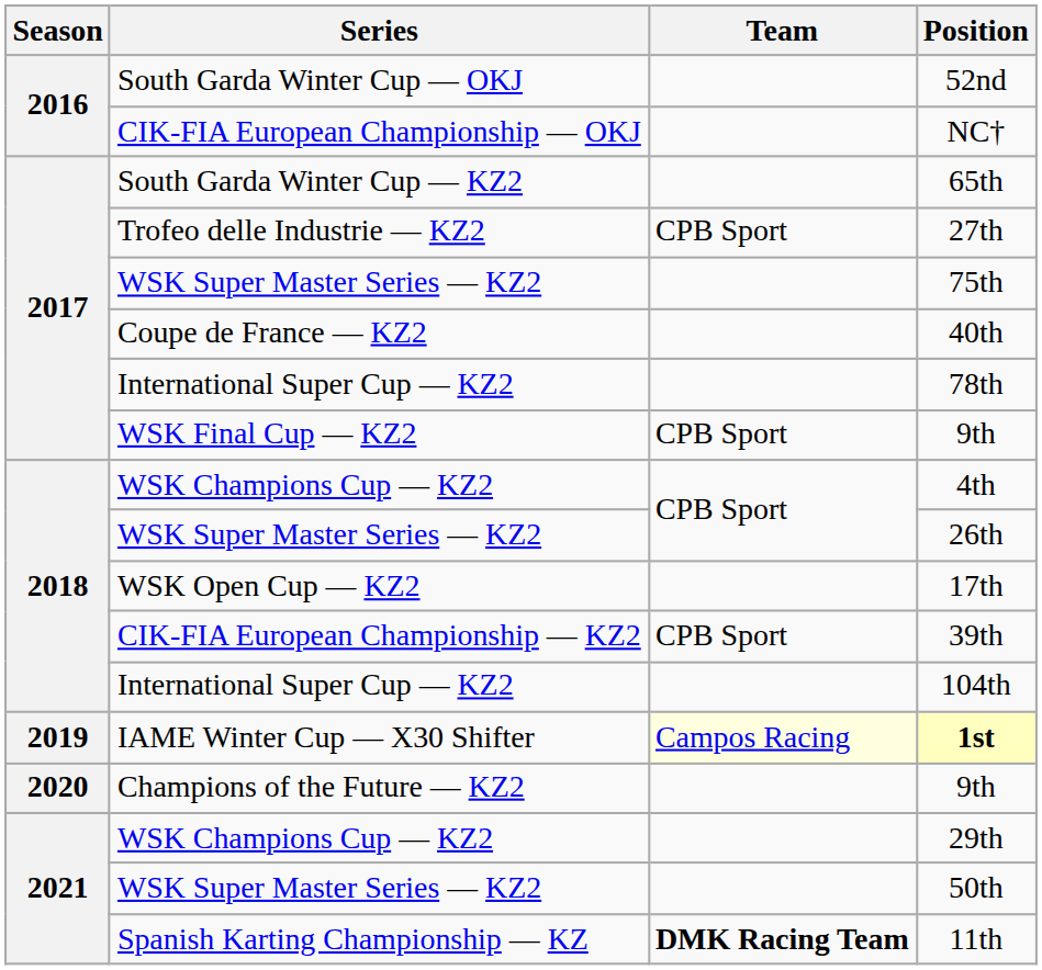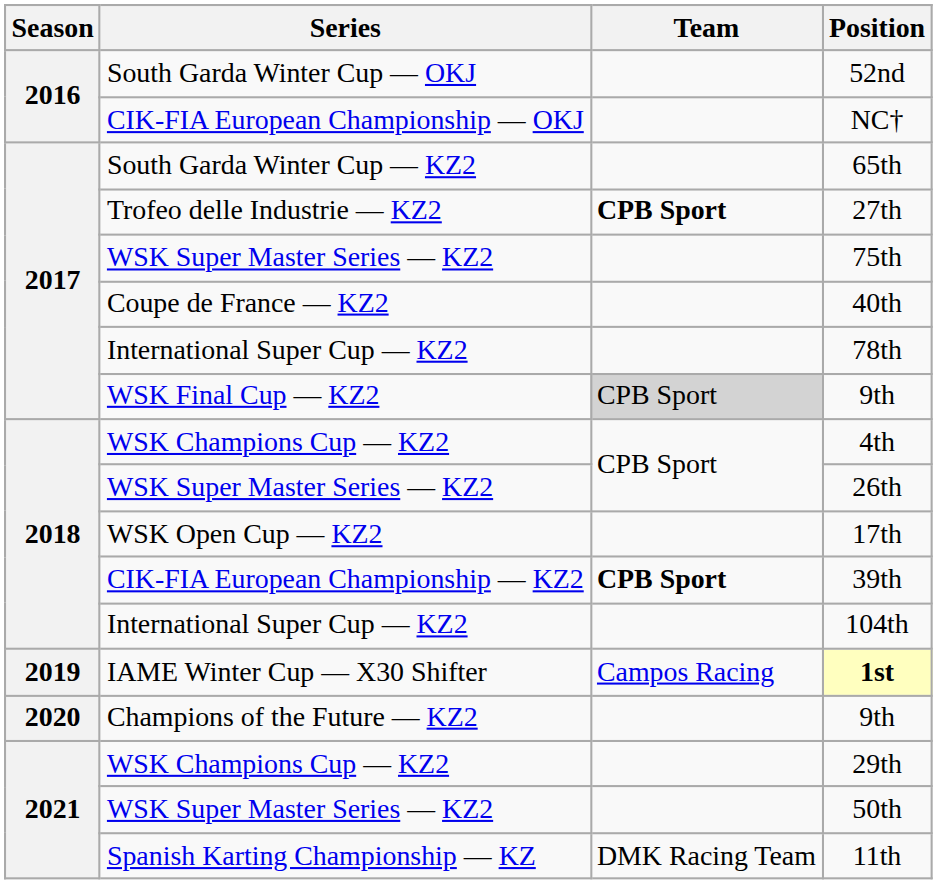 <table class="wikitable" style="font-size: 85%; text-align:center">
 <tr>
 <th>Season</th>
 <th>Series</th>
 <th>Team</th>
 <th>Position</th>
 </tr>
 <tr>
 <th rowspan="2">2016</th>
 <td align="left">South Garda Winter Cup — <a href='#'>OKJ</a></td>
 <td align="left"></td>
 <td>52nd</td>
 </tr>
 <tr>
 <td align="left"><a href='#'>CIK-FIA European Championship</a> — <a href='#'>OKJ</a></td>
 <td align="left"></td>
 <td>NC†</td>
 </tr>
 <tr>
 <th rowspan="6">2017</th>
 <td align="left">South Garda Winter Cup — <a href='#'>KZ2</a></td>
 <td align="left"></td>
 <td>65th</td>
 </tr>
 <tr>
 <td align="left">Trofeo delle Industrie — <a href='#'>KZ2</a></td>
-<td align="left">CPB Sport</td>
+<td align="left"><strong>CPB Sport</strong></td>
 <td>27th</td>
 </tr>
 <tr>
 <td align="left"><a href='#'>WSK Super Master Series</a> — <a href='#'>KZ2</a></td>
 <td align="left"></td>
 <td>75th</td>
 </tr>
 <tr>
 <td align="left">Coupe de France — <a href='#'>KZ2</a></td>
 <td align="left"></td>
 <td>40th</td>
 </tr>
 <tr>
 <td align="left">International Super Cup — <a href='#'>KZ2</a></td>
 <td align="left"></td>
 <td>78th</td>
 </tr>
 <tr>
 <td align="left"><a href='#'>WSK Final Cup</a> — <a href='#'>KZ2</a></td>
-<td align="left">CPB Sport</td>
+<td align="left" style="background: lightgrey;">CPB Sport</td>
 <td>9th</td>
 </tr>
 <tr>
 <th rowspan="5">2018</th>
 <td align="left"><a href='#'>WSK Champions Cup</a> — <a href='#'>KZ2</a></td>
 <td rowspan="2" align="left">CPB Sport</td>
 <td>4th</td>
 </tr>
 <tr>
 <td align="left"><a href='#'>WSK Super Master Series</a> — <a href='#'>KZ2</a></td>
 <td>26th</td>
 </tr>
 <tr>
 <td align="left">WSK Open Cup — <a href='#'>KZ2</a></td>
 <td align="left"></td>
 <td>17th</td>
 </tr>
 <tr>
 <td align="left"><a href='#'>CIK-FIA European Championship</a> — <a href='#'>KZ2</a></td>
-<td align="left">CPB Sport</td>
+<td align="left"><strong>CPB Sport</strong></td>
 <td>39th</td>
 </tr>
 <tr>
 <td align="left">International Super Cup — <a href='#'>KZ2</a></td>
 <td align="left"></td>
 <td>104th</td>
 </tr>
 <tr>
 <th>2019</th>
 <td align="left">IAME Winter Cup — X30 Shifter</td>
-<td align="left" style="background: lightyellow;"><a href='#'>Campos Racing</a></td>
+<td align="left"><a href='#'>Campos Racing</a></td>
 <td style="background:#FFFFBF;"><strong>1st</strong></td>
 </tr>
 <tr>
 <th>2020</th>
 <td align="left">Champions of the Future — <a href='#'>KZ2</a></td>
 <td align="left"></td>
 <td>9th</td>
 </tr>
 <tr>
 <th rowspan="3">2021</th>
 <td align="left"><a href='#'>WSK Champions Cup</a> — <a href='#'>KZ2</a></td>
 <td align="left"></td>
 <td>29th</td>
 </tr>
 <tr>
 <td align="left"><a href='#'>WSK Super Master Series</a> — <a href='#'>KZ2</a></td>
 <td align="left"></td>
 <td>50th</td>
 </tr>
 <tr>
 <td align="left"><a href='#'>Spanish Karting Championship</a> — <a href='#'>KZ</a></td>
-<td align="left"><strong>DMK Racing Team</strong></td>
+<td align="left">DMK Racing Team</td>
 <td>11th</td>
 </tr>
 </table>
